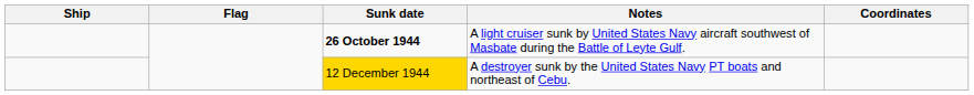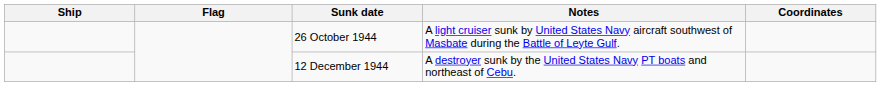 <table class="wikitable sortable" style="width:100%" |>
 <tr>
 <th width="15%">Ship</th>
 <th width="18%">Flag</th>
 <th width="15%" align="right">Sunk date</th>
 <th width="37%">Notes</th>
 <th width="15%">Coordinates</th>
 </tr>
 <tr>
 <td scope="row" data-sort-value="Kinu"></td>
 <td rowspan="2"></td>
-<td><strong>26 October 1944</strong></td>
+<td>26 October 1944</td>
 <td>A  <a href='#'>light cruiser</a> sunk by <a href='#'>United States Navy</a> aircraft southwest of <a href='#'>Masbate</a> during the <a href='#'>Battle of Leyte Gulf</a>.</td>
 <td></td>
 </tr>
 <tr>
 <td scope="row" data-sort-value="Uzuki"></td>
-<td style="background: gold;">12 December 1944</td>
+<td>12 December 1944</td>
 <td>A  <a href='#'>destroyer</a> sunk by the <a href='#'>United States Navy</a> <a href='#'>PT boats</a>  and   northeast of <a href='#'>Cebu</a>.</td>
 <td></td>
 </tr>
 </table>
